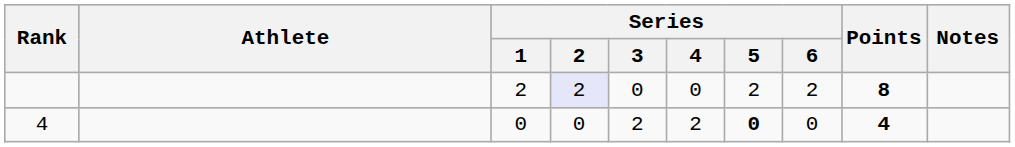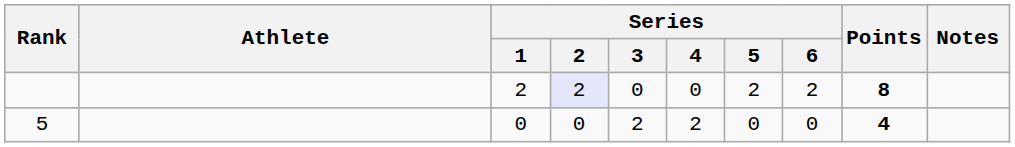 <table class="wikitable" style="text-align:center">
 <tr>
 <th rowspan=2 width=40>Rank</th>
 <th rowspan=2 width=250>Athlete</th>
 <th colspan=6>Series</th>
 <th rowspan=2 width=40>Points</th>
 <th rowspan=2 width=45>Notes</th>
 </tr>
 <tr>
 <th width=30>1</th>
 <th width=30>2</th>
 <th width=30>3</th>
 <th width=30>4</th>
 <th width=30>5</th>
 <th width=30>6</th>
 </tr>
 <tr>
 <td></td>
 <td align=left></td>
 <td>2</td>
 <td style="background: lavender;">2</td>
 <td>0</td>
 <td>0</td>
 <td>2</td>
 <td>2</td>
 <td><strong>8</strong></td>
 <td></td>
 </tr>
 <tr>
-<td>4</td>
+<td>5</td>
 <td align=left></td>
 <td>0</td>
 <td>0</td>
 <td>2</td>
 <td>2</td>
-<td><strong>0</strong></td>
+<td>0</td>
 <td>0</td>
 <td><strong>4</strong></td>
 <td></td>
 </tr>
 </table>
